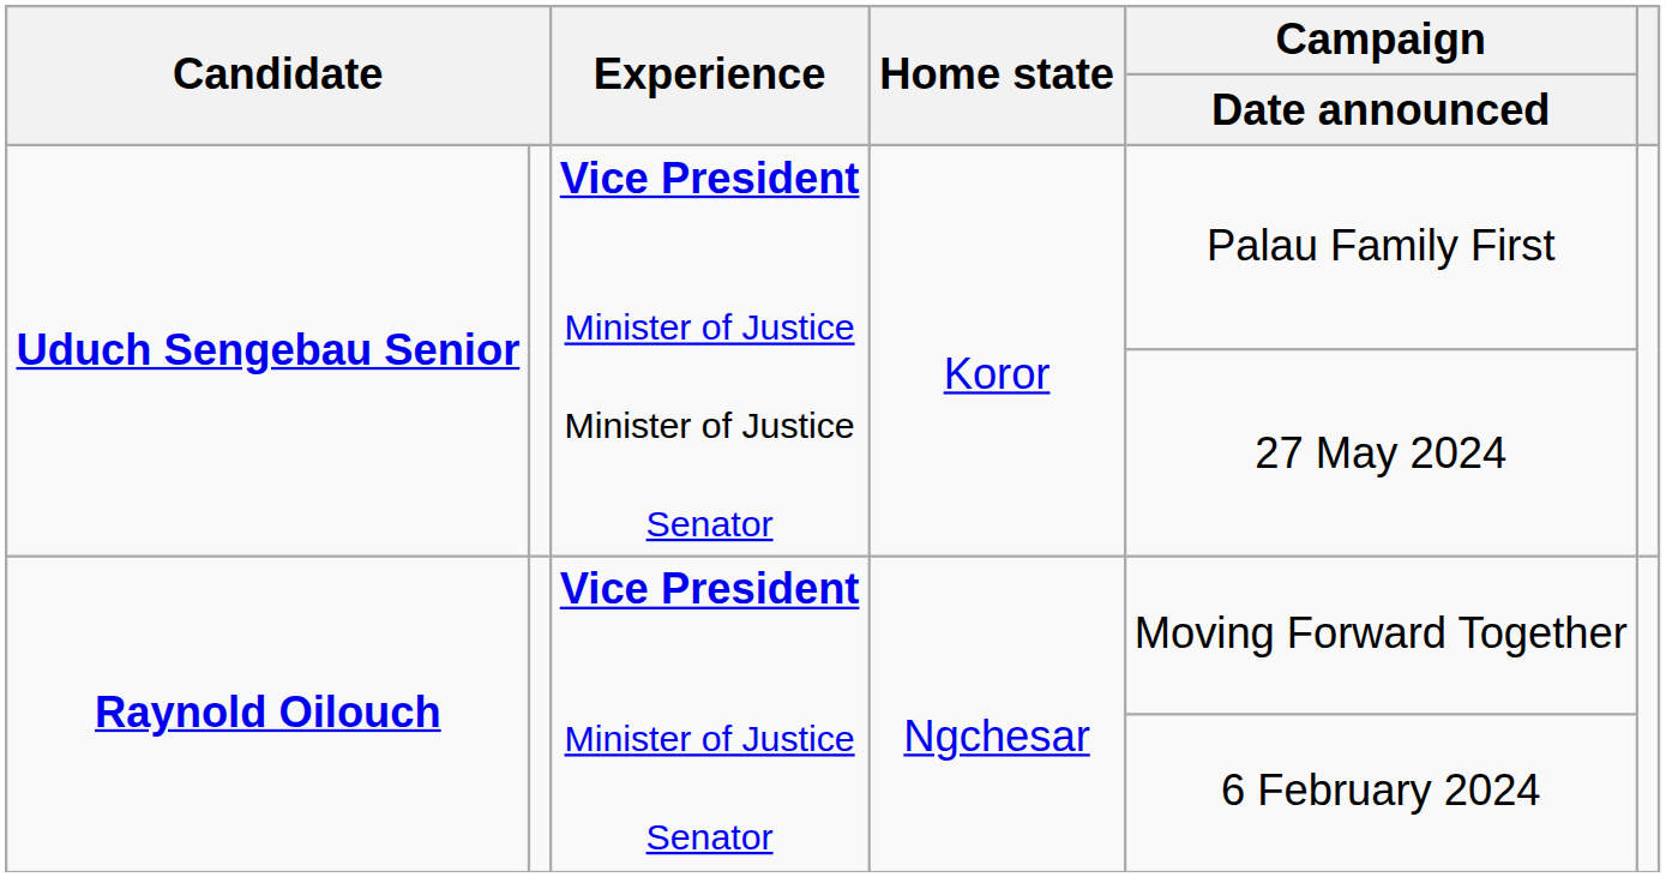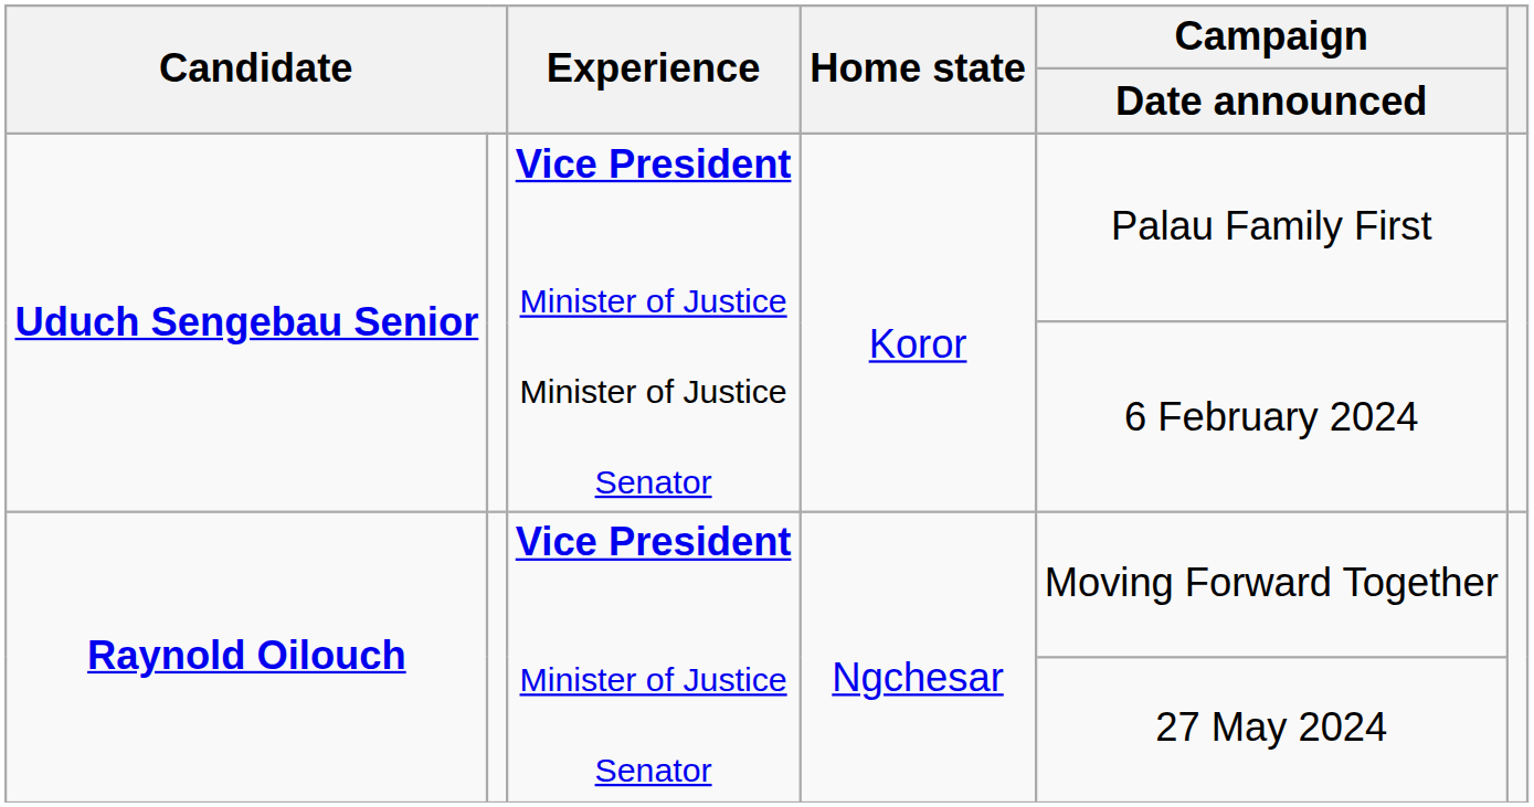 <table class="wikitable" style="text-align:center;">
 <tr>
 <th rowspan="2" colspan="2" style="text-align:210px;">Candidate</th>
 <th rowspan="2" style="text-align:150px;">Experience</th>
 <th rowspan="2" style="text-align:110px;">Home state</th>
 <th style="text-align:130px;">Campaign</th>
 <th rowspan="2" style="text-align:50px;"></th>
 </tr>
 <tr>
 <th>Date announced</th>
 </tr>
 <tr>
 <td rowspan="2"> <strong><a href='#'>Uduch Sengebau Senior</a></strong><br></td>
 <td rowspan="2" style="background:"></td>
 <td rowspan="2"><strong><a href='#'>Vice President</a></strong><br><br><small><strong></strong></small><br><small><a href='#'>Minister of Justice</a><br></small><br><small>Minister of Justice<br></small><br><small><a href='#'>Senator</a><br></small></td>
 <td rowspan="2"><br><a href='#'>Koror</a></td>
 <td>Palau Family First</td>
 <td rowspan="2"><br><br><br></td>
 </tr>
 <tr>
-<td>27 May 2024</td>
+<td>6 February 2024</td>
 </tr>
 <tr>
 <td rowspan="2"> <strong><a href='#'>Raynold Oilouch</a></strong><br></td>
 <td rowspan="2" style="background:"></td>
 <td rowspan="2"><strong><a href='#'>Vice President</a></strong><br><br><small><strong></strong></small><br><small><a href='#'>Minister of Justice</a><br></small><br><small><a href='#'>Senator</a><br></small></td>
 <td rowspan="2"><br><a href='#'>Ngchesar</a></td>
 <td>Moving Forward Together</td>
 <td rowspan="2"><br><br><br></td>
 </tr>
 <tr>
-<td>6 February 2024</td>
+<td>27 May 2024</td>
 </tr>
 </table>
